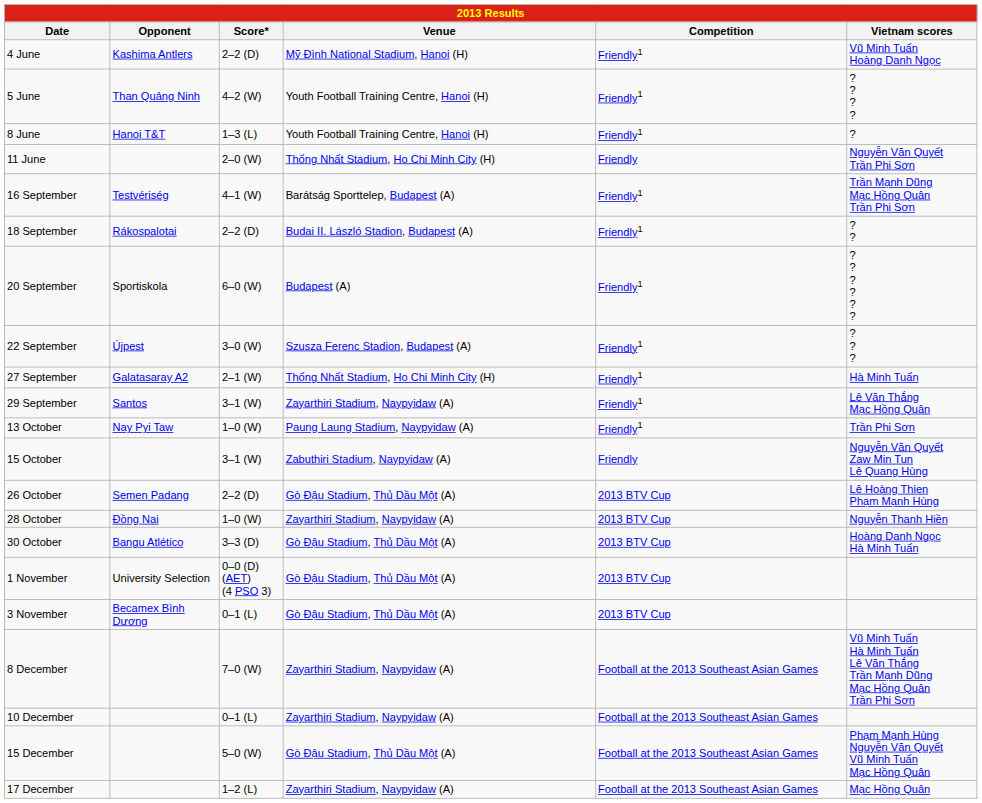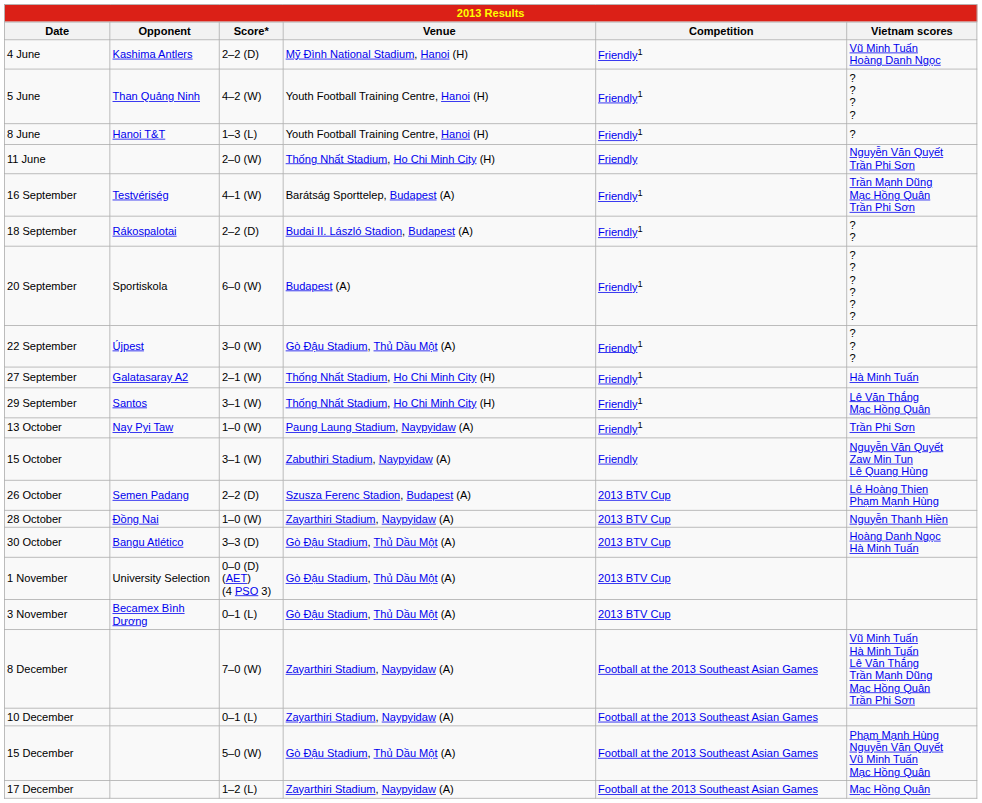 <table class="wikitable" width=100% style="text-align:left;font-size:90%;">
 <tr>
 <th colspan=9 style="background: #DB2017; color: #FFFF00;">2013 Results</th>
 </tr>
 <tr>
 <th width=80>Date</th>
 <th width=80>Opponent</th>
 <th width=20>Score*</th>
 <th width=250>Venue</th>
 <th width=200>Competition</th>
 <th width=100>Vietnam scores</th>
 </tr>
 <tr>
 <td>4 June</td>
 <td> <a href='#'>Kashima Antlers</a> </td>
 <td>2–2 (D)</td>
 <td><a href='#'>Mỹ Đình National Stadium</a>, <a href='#'>Hanoi</a> (H)</td>
 <td><a href='#'>Friendly</a><sup>1</sup></td>
 <td><a href='#'>Vũ Minh Tuấn</a> <br><a href='#'>Hoàng Danh Ngọc</a> </td>
 </tr>
 <tr>
 <td>5 June</td>
 <td> <a href='#'>Than Quảng Ninh</a></td>
 <td>4–2 (W)</td>
 <td>Youth Football Training Centre, <a href='#'>Hanoi</a> (H)</td>
 <td><a href='#'>Friendly</a><sup>1</sup></td>
 <td>? <br>? <br>? <br>? </td>
 </tr>
 <tr>
 <td>8 June</td>
 <td> <a href='#'>Hanoi T&T</a></td>
 <td>1–3 (L)</td>
 <td>Youth Football Training Centre, <a href='#'>Hanoi</a> (H)</td>
 <td><a href='#'>Friendly</a><sup>1</sup></td>
 <td>? </td>
 </tr>
 <tr>
 <td>11 June</td>
 <td></td>
 <td>2–0 (W)</td>
 <td><a href='#'>Thống Nhất Stadium</a>, <a href='#'>Ho Chi Minh City</a> (H)</td>
 <td><a href='#'>Friendly</a></td>
 <td><a href='#'>Nguyễn Văn Quyết</a> <br><a href='#'>Trần Phi Sơn</a> </td>
 </tr>
 <tr>
 <td>16 September</td>
 <td> <a href='#'>Testvériség</a></td>
 <td>4–1 (W)</td>
 <td>Barátság Sporttelep, <a href='#'>Budapest</a> (A)</td>
 <td><a href='#'>Friendly</a><sup>1</sup></td>
 <td><a href='#'>Trần Mạnh Dũng</a> <br><a href='#'>Mạc Hồng Quân</a> <br><a href='#'>Trần Phi Sơn</a> </td>
 </tr>
 <tr>
 <td>18 September</td>
 <td> <a href='#'>Rákospalotai</a></td>
 <td>2–2 (D)</td>
 <td><a href='#'>Budai II. László Stadion</a>, <a href='#'>Budapest</a> (A)</td>
 <td><a href='#'>Friendly</a><sup>1</sup></td>
 <td>? <br>? </td>
 </tr>
 <tr>
 <td>20 September</td>
 <td> Sportiskola</td>
 <td>6–0 (W)</td>
 <td><a href='#'>Budapest</a> (A)</td>
 <td><a href='#'>Friendly</a><sup>1</sup></td>
 <td>? <br>? <br>? <br>? <br>? <br>? </td>
 </tr>
 <tr>
 <td>22 September</td>
 <td> <a href='#'>Újpest</a></td>
 <td>3–0 (W)</td>
-<td><a href='#'>Szusza Ferenc Stadion</a>, <a href='#'>Budapest</a> (A)</td>
+<td><a href='#'>Gò Đậu Stadium</a>, <a href='#'>Thủ Dầu Một</a> (A)</td>
 <td><a href='#'>Friendly</a><sup>1</sup></td>
 <td>? <br>? <br>? </td>
 </tr>
 <tr>
 <td>27 September</td>
 <td> <a href='#'>Galatasaray A2</a></td>
 <td>2–1 (W)</td>
 <td><a href='#'>Thống Nhất Stadium</a>, <a href='#'>Ho Chi Minh City</a> (H)</td>
 <td><a href='#'>Friendly</a><sup>1</sup></td>
 <td><a href='#'>Hà Minh Tuấn</a> </td>
 </tr>
 <tr>
 <td>29 September</td>
 <td> <a href='#'>Santos</a> </td>
 <td>3–1 (W)</td>
-<td><a href='#'>Zayarthiri Stadium</a>, <a href='#'>Naypyidaw</a> (A)</td>
+<td><a href='#'>Thống Nhất Stadium</a>, <a href='#'>Ho Chi Minh City</a> (H)</td>
 <td><a href='#'>Friendly</a><sup>1</sup></td>
 <td><a href='#'>Lê Văn Thắng</a> <br><a href='#'>Mạc Hồng Quân</a> </td>
 </tr>
 <tr>
 <td>13 October</td>
 <td> <a href='#'>Nay Pyi Taw</a></td>
 <td>1–0 (W)</td>
 <td><a href='#'>Paung Laung Stadium</a>, <a href='#'>Naypyidaw</a> (A)</td>
 <td><a href='#'>Friendly</a><sup>1</sup></td>
 <td><a href='#'>Trần Phi Sơn</a> </td>
 </tr>
 <tr>
 <td>15 October</td>
 <td></td>
 <td>3–1 (W)</td>
 <td><a href='#'>Zabuthiri Stadium</a>, <a href='#'>Naypyidaw</a> (A)</td>
 <td><a href='#'>Friendly</a></td>
 <td><a href='#'>Nguyễn Văn Quyết</a> <br><a href='#'>Zaw Min Tun</a> <br><a href='#'>Lê Quang Hùng</a> </td>
 </tr>
 <tr>
 <td>26 October</td>
 <td> <a href='#'>Semen Padang</a></td>
 <td>2–2 (D)</td>
-<td><a href='#'>Gò Đậu Stadium</a>, <a href='#'>Thủ Dầu Một</a> (A)</td>
+<td><a href='#'>Szusza Ferenc Stadion</a>, <a href='#'>Budapest</a> (A)</td>
 <td><a href='#'>2013 BTV Cup</a></td>
 <td><a href='#'>Lê Hoàng Thien</a> <br><a href='#'>Phạm Mạnh Hùng</a> </td>
 </tr>
 <tr>
 <td>28 October</td>
 <td> <a href='#'>Đồng Nai</a></td>
 <td>1–0 (W)</td>
 <td><a href='#'>Zayarthiri Stadium</a>, <a href='#'>Naypyidaw</a> (A)</td>
 <td><a href='#'>2013 BTV Cup</a></td>
 <td><a href='#'>Nguyễn Thanh Hiền</a> </td>
 </tr>
 <tr>
 <td>30 October</td>
 <td> <a href='#'>Bangu Atlético</a></td>
 <td>3–3 (D)</td>
 <td><a href='#'>Gò Đậu Stadium</a>, <a href='#'>Thủ Dầu Một</a> (A)</td>
 <td><a href='#'>2013 BTV Cup</a></td>
 <td><a href='#'>Hoàng Danh Ngọc</a> <br><a href='#'>Hà Minh Tuấn</a> </td>
 </tr>
 <tr>
 <td>1 November</td>
 <td> University Selection</td>
 <td>0–0 (D) (<a href='#'>AET</a>)<br>(4 <a href='#'>PSO</a> 3)</td>
 <td><a href='#'>Gò Đậu Stadium</a>, <a href='#'>Thủ Dầu Một</a> (A)</td>
 <td><a href='#'>2013 BTV Cup</a></td>
 <td></td>
 </tr>
 <tr>
 <td>3 November</td>
 <td> <a href='#'>Becamex Bình Dương</a></td>
 <td>0–1 (L)</td>
 <td><a href='#'>Gò Đậu Stadium</a>, <a href='#'>Thủ Dầu Một</a> (A)</td>
 <td><a href='#'>2013 BTV Cup</a></td>
 <td></td>
 </tr>
 <tr>
 <td>8 December</td>
 <td></td>
 <td>7–0 (W)</td>
 <td><a href='#'>Zayarthiri Stadium</a>, <a href='#'>Naypyidaw</a> (A)</td>
 <td><a href='#'>Football at the 2013 Southeast Asian Games</a></td>
 <td><a href='#'>Vũ Minh Tuấn</a> <br><a href='#'>Hà Minh Tuấn</a> <br><a href='#'>Lê Văn Thắng</a> <br><a href='#'>Trần Mạnh Dũng</a> <br><a href='#'>Mạc Hồng Quân</a> <br><a href='#'>Trần Phi Sơn</a> </td>
 </tr>
 <tr>
 <td>10 December</td>
 <td></td>
 <td>0–1 (L)</td>
 <td><a href='#'>Zayarthiri Stadium</a>, <a href='#'>Naypyidaw</a> (A)</td>
 <td><a href='#'>Football at the 2013 Southeast Asian Games</a></td>
 <td></td>
 </tr>
 <tr>
 <td>15 December</td>
 <td></td>
 <td>5–0 (W)</td>
 <td><a href='#'>Gò Đậu Stadium</a>, <a href='#'>Thủ Dầu Một</a> (A)</td>
 <td><a href='#'>Football at the 2013 Southeast Asian Games</a></td>
 <td><a href='#'>Phạm Mạnh Hùng</a> <br><a href='#'>Nguyễn Văn Quyết</a> <br><a href='#'>Vũ Minh Tuấn</a> <br><a href='#'>Mạc Hồng Quân</a> </td>
 </tr>
 <tr>
 <td>17 December</td>
 <td></td>
 <td>1–2 (L)</td>
 <td><a href='#'>Zayarthiri Stadium</a>, <a href='#'>Naypyidaw</a> (A)</td>
 <td><a href='#'>Football at the 2013 Southeast Asian Games</a></td>
 <td><a href='#'>Mạc Hồng Quân</a> </td>
 </tr>
 </table>
